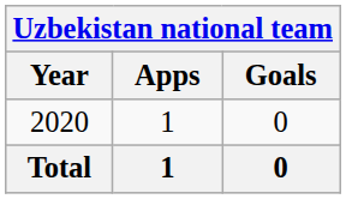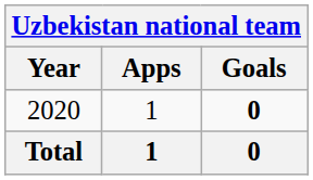 <table class="wikitable" style="text-align:center">
 <tr>
 <th colspan=3><a href='#'>Uzbekistan national team</a></th>
 </tr>
 <tr>
 <th>Year</th>
 <th>Apps</th>
 <th>Goals</th>
 </tr>
 <tr>
 <td>2020</td>
 <td>1</td>
-<td>0</td>
+<td><strong>0</strong></td>
 </tr>
 <tr>
 <th>Total</th>
 <th>1</th>
 <th>0</th>
 </tr>
 </table>
